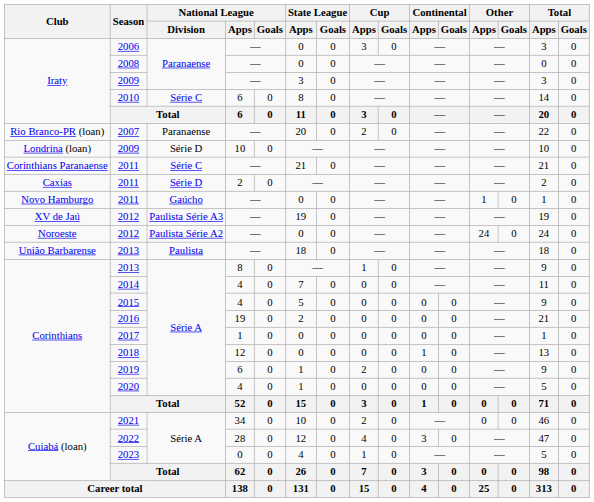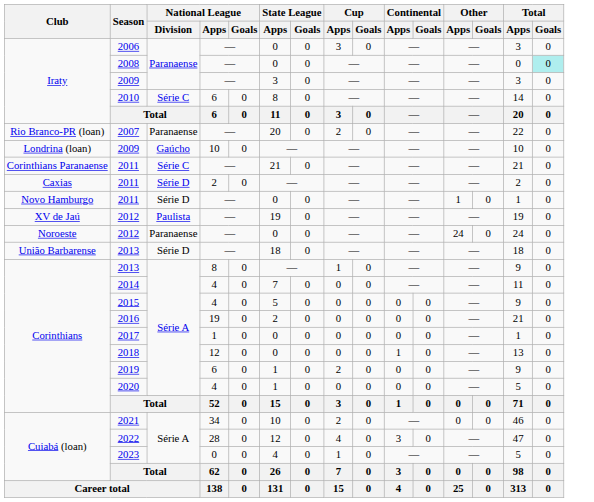 <table class="wikitable" style="text-align: center;">
 <tr>
 <th rowspan="2">Club</th>
 <th rowspan="2">Season</th>
 <th colspan="3">National League</th>
 <th colspan="2">State League</th>
 <th colspan="2">Cup</th>
 <th colspan="2">Continental</th>
 <th colspan="2">Other</th>
 <th colspan="2">Total</th>
 </tr>
 <tr>
 <th>Division</th>
 <th>Apps</th>
 <th>Goals</th>
 <th>Apps</th>
 <th>Goals</th>
 <th>Apps</th>
 <th>Goals</th>
 <th>Apps</th>
 <th>Goals</th>
 <th>Apps</th>
 <th>Goals</th>
 <th>Apps</th>
 <th>Goals</th>
 </tr>
 <tr>
 <td rowspan="5"><a href='#'>Iraty</a></td>
 <td><a href='#'>2006</a></td>
 <td rowspan="3"><a href='#'>Paranaense</a></td>
 <td colspan="2">—</td>
 <td>0</td>
 <td>0</td>
 <td>3</td>
 <td>0</td>
 <td colspan="2">—</td>
 <td colspan="2">—</td>
 <td>3</td>
 <td>0</td>
 </tr>
 <tr>
 <td><a href='#'>2008</a></td>
 <td colspan="2">—</td>
 <td>0</td>
 <td>0</td>
 <td colspan="2">—</td>
 <td colspan="2">—</td>
 <td colspan="2">—</td>
 <td>0</td>
-<td>0</td>
+<td style="background: paleturquoise;">0</td>
 </tr>
 <tr>
 <td><a href='#'>2009</a></td>
 <td colspan="2">—</td>
 <td>3</td>
 <td>0</td>
 <td colspan="2">—</td>
 <td colspan="2">—</td>
 <td colspan="2">—</td>
 <td>3</td>
 <td>0</td>
 </tr>
 <tr>
 <td><a href='#'>2010</a></td>
 <td><a href='#'>Série C</a></td>
 <td>6</td>
 <td>0</td>
 <td>8</td>
 <td>0</td>
 <td colspan="2">—</td>
 <td colspan="2">—</td>
 <td colspan="2">—</td>
 <td>14</td>
 <td>0</td>
 </tr>
 <tr>
 <th colspan="2">Total</th>
 <th>6</th>
 <th>0</th>
 <th>11</th>
 <th>0</th>
 <th>3</th>
 <th>0</th>
 <th colspan="2">—</th>
 <th colspan="2">—</th>
 <th>20</th>
 <th>0</th>
 </tr>
 <tr>
 <td><a href='#'>Rio Branco-PR</a> (loan)</td>
 <td><a href='#'>2007</a></td>
 <td>Paranaense</td>
 <td colspan="2">—</td>
 <td>20</td>
 <td>0</td>
 <td>2</td>
 <td>0</td>
 <td colspan="2">—</td>
 <td colspan="2">—</td>
 <td>22</td>
 <td>0</td>
 </tr>
 <tr>
 <td><a href='#'>Londrina</a> (loan)</td>
 <td><a href='#'>2009</a></td>
-<td>Série D</td>
+<td><a href='#'>Gaúcho</a></td>
 <td>10</td>
 <td>0</td>
 <td colspan="2">—</td>
 <td colspan="2">—</td>
 <td colspan="2">—</td>
 <td colspan="2">—</td>
 <td>10</td>
 <td>0</td>
 </tr>
 <tr>
 <td><a href='#'>Corinthians Paranaense</a></td>
 <td><a href='#'>2011</a></td>
 <td><a href='#'>Série C</a></td>
 <td colspan="2">—</td>
 <td>21</td>
 <td>0</td>
 <td colspan="2">—</td>
 <td colspan="2">—</td>
 <td colspan="2">—</td>
 <td>21</td>
 <td>0</td>
 </tr>
 <tr>
 <td><a href='#'>Caxias</a></td>
 <td><a href='#'>2011</a></td>
 <td><a href='#'>Série D</a></td>
 <td>2</td>
 <td>0</td>
 <td colspan="2">—</td>
 <td colspan="2">—</td>
 <td colspan="2">—</td>
 <td colspan="2">—</td>
 <td>2</td>
 <td>0</td>
 </tr>
 <tr>
 <td><a href='#'>Novo Hamburgo</a></td>
 <td><a href='#'>2011</a></td>
-<td><a href='#'>Gaúcho</a></td>
+<td>Série D</td>
 <td colspan="2">—</td>
 <td>0</td>
 <td>0</td>
 <td colspan="2">—</td>
 <td colspan="2">—</td>
 <td>1</td>
 <td>0</td>
 <td>1</td>
 <td>0</td>
 </tr>
 <tr>
 <td><a href='#'>XV de Jaú</a></td>
 <td><a href='#'>2012</a></td>
-<td><a href='#'>Paulista Série A3</a></td>
+<td><a href='#'>Paulista</a></td>
 <td colspan="2">—</td>
 <td>19</td>
 <td>0</td>
 <td colspan="2">—</td>
 <td colspan="2">—</td>
 <td colspan="2">—</td>
 <td>19</td>
 <td>0</td>
 </tr>
 <tr>
 <td><a href='#'>Noroeste</a></td>
 <td><a href='#'>2012</a></td>
-<td><a href='#'>Paulista Série A2</a></td>
+<td>Paranaense</td>
 <td colspan="2">—</td>
 <td>0</td>
 <td>0</td>
 <td colspan="2">—</td>
 <td colspan="2">—</td>
 <td>24</td>
 <td>0</td>
 <td>24</td>
 <td>0</td>
 </tr>
 <tr>
 <td><a href='#'>União Barbarense</a></td>
 <td><a href='#'>2013</a></td>
-<td><a href='#'>Paulista</a></td>
+<td>Série D</td>
 <td colspan="2">—</td>
 <td>18</td>
 <td>0</td>
 <td colspan="2">—</td>
 <td colspan="2">—</td>
 <td colspan="2">—</td>
 <td>18</td>
 <td>0</td>
 </tr>
 <tr>
 <td rowspan="9"><a href='#'>Corinthians</a></td>
 <td><a href='#'>2013</a></td>
 <td rowspan="8"><a href='#'>Série A</a></td>
 <td>8</td>
 <td>0</td>
 <td colspan="2">—</td>
 <td>1</td>
 <td>0</td>
 <td colspan="2">—</td>
 <td colspan="2">—</td>
 <td>9</td>
 <td>0</td>
 </tr>
 <tr>
 <td><a href='#'>2014</a></td>
 <td>4</td>
 <td>0</td>
 <td>7</td>
 <td>0</td>
 <td>0</td>
 <td>0</td>
 <td colspan="2">—</td>
 <td colspan="2">—</td>
 <td>11</td>
 <td>0</td>
 </tr>
 <tr>
 <td><a href='#'>2015</a></td>
 <td>4</td>
 <td>0</td>
 <td>5</td>
 <td>0</td>
 <td>0</td>
 <td>0</td>
 <td>0</td>
 <td>0</td>
 <td colspan="2">—</td>
 <td>9</td>
 <td>0</td>
 </tr>
 <tr>
 <td><a href='#'>2016</a></td>
 <td>19</td>
 <td>0</td>
 <td>2</td>
 <td>0</td>
 <td>0</td>
 <td>0</td>
 <td>0</td>
 <td>0</td>
 <td colspan="2">—</td>
 <td>21</td>
 <td>0</td>
 </tr>
 <tr>
 <td><a href='#'>2017</a></td>
 <td>1</td>
 <td>0</td>
 <td>0</td>
 <td>0</td>
 <td>0</td>
 <td>0</td>
 <td>0</td>
 <td>0</td>
 <td colspan="2">—</td>
 <td>1</td>
 <td>0</td>
 </tr>
 <tr>
 <td><a href='#'>2018</a></td>
 <td>12</td>
 <td>0</td>
 <td>0</td>
 <td>0</td>
 <td>0</td>
 <td>0</td>
 <td>1</td>
 <td>0</td>
 <td colspan="2">—</td>
 <td>13</td>
 <td>0</td>
 </tr>
 <tr>
 <td><a href='#'>2019</a></td>
 <td>6</td>
 <td>0</td>
 <td>1</td>
 <td>0</td>
 <td>2</td>
 <td>0</td>
 <td>0</td>
 <td>0</td>
 <td colspan="2">—</td>
 <td>9</td>
 <td>0</td>
 </tr>
 <tr>
 <td><a href='#'>2020</a></td>
 <td>4</td>
 <td>0</td>
 <td>1</td>
 <td>0</td>
 <td>0</td>
 <td>0</td>
 <td>0</td>
 <td>0</td>
 <td colspan="2">—</td>
 <td>5</td>
 <td>0</td>
 </tr>
 <tr>
 <th colspan="2">Total</th>
 <th>52</th>
 <th>0</th>
 <th>15</th>
 <th>0</th>
 <th>3</th>
 <th>0</th>
 <th>1</th>
 <th>0</th>
 <th>0</th>
 <th>0</th>
 <th>71</th>
 <th>0</th>
 </tr>
 <tr>
 <td rowspan="4"><a href='#'>Cuiabá</a> (loan)</td>
 <td><a href='#'>2021</a></td>
 <td rowspan="3">Série A</td>
 <td>34</td>
 <td>0</td>
 <td>10</td>
 <td>0</td>
 <td>2</td>
 <td>0</td>
 <td colspan="2">—</td>
 <td>0</td>
 <td>0</td>
 <td>46</td>
 <td>0</td>
 </tr>
 <tr>
 <td><a href='#'>2022</a></td>
 <td>28</td>
 <td>0</td>
 <td>12</td>
 <td>0</td>
 <td>4</td>
 <td>0</td>
 <td>3</td>
 <td>0</td>
 <td colspan="2">—</td>
 <td>47</td>
 <td>0</td>
 </tr>
 <tr>
 <td><a href='#'>2023</a></td>
 <td>0</td>
 <td>0</td>
 <td>4</td>
 <td>0</td>
 <td>1</td>
 <td>0</td>
 <td colspan="2">—</td>
 <td colspan="2">—</td>
 <td>5</td>
 <td>0</td>
 </tr>
 <tr>
 <th colspan="2">Total</th>
 <th>62</th>
 <th>0</th>
 <th>26</th>
 <th>0</th>
 <th>7</th>
 <th>0</th>
 <th>3</th>
 <th>0</th>
 <th>0</th>
 <th>0</th>
 <th>98</th>
 <th>0</th>
 </tr>
 <tr>
 <th colspan="3"><strong>Career total</strong></th>
 <th>138</th>
 <th>0</th>
 <th>131</th>
 <th>0</th>
 <th>15</th>
 <th>0</th>
 <th>4</th>
 <th>0</th>
 <th>25</th>
 <th>0</th>
 <th>313</th>
 <th>0</th>
 </tr>
 </table>
